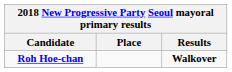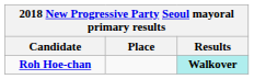 <table class="wikitable" style="text-align:center;">
 <tr>
 <th colspan=4>2018 <a href='#'>New Progressive Party</a> <a href='#'>Seoul</a> mayoral primary results</th>
 </tr>
 <tr>
 <th width=130><strong>Candidate</strong></th>
 <th width=90><strong>Place</strong></th>
 <th width=90><strong>Results</strong></th>
 </tr>
 <tr>
 <td><strong><a href='#'>Roh Hoe-chan</a></strong></td>
 <td style="background:"><strong></strong></td>
-<td><strong>Walkover</strong></td>
+<td style="background: paleturquoise;"><strong>Walkover</strong></td>
 </tr>
 </table>
